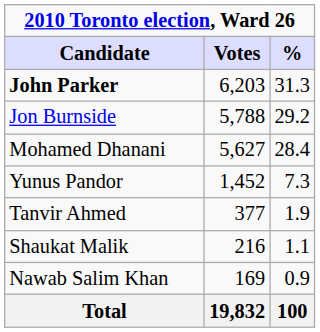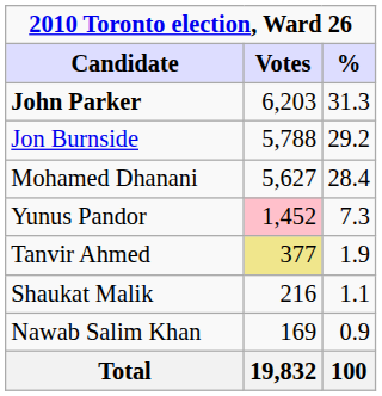 <table class="wikitable">
 <tr>
 <td colspan="3" style="text-align:center;"><strong><a href='#'>2010 Toronto election</a>, Ward 26</strong></td>
 </tr>
 <tr>
 <th style="background:#ddf; width:150px;">Candidate</th>
 <th style="background:#ddf;">Votes</th>
 <th style="background:#ddf;">%</th>
 </tr>
 <tr>
 <td><strong>John Parker</strong></td>
 <td align=right>6,203</td>
 <td align=right>31.3</td>
 </tr>
 <tr>
 <td><a href='#'>Jon Burnside</a></td>
 <td align=right>5,788</td>
 <td align=right>29.2</td>
 </tr>
 <tr>
 <td>Mohamed Dhanani</td>
 <td align=right>5,627</td>
 <td align=right>28.4</td>
 </tr>
 <tr>
 <td>Yunus Pandor</td>
-<td align=right>1,452</td>
+<td align=right style="background: pink;">1,452</td>
 <td align=right>7.3</td>
 </tr>
 <tr>
 <td>Tanvir Ahmed</td>
-<td align=right>377</td>
+<td align=right style="background: khaki;">377</td>
 <td align=right>1.9</td>
 </tr>
 <tr>
 <td>Shaukat Malik</td>
 <td align=right>216</td>
 <td align=right>1.1</td>
 </tr>
 <tr>
 <td>Nawab Salim Khan</td>
 <td align=right>169</td>
 <td align=right>0.9</td>
 </tr>
 <tr>
 <th>Total</th>
 <th align=right>19,832</th>
 <th align=right>100</th>
 </tr>
 </table>
